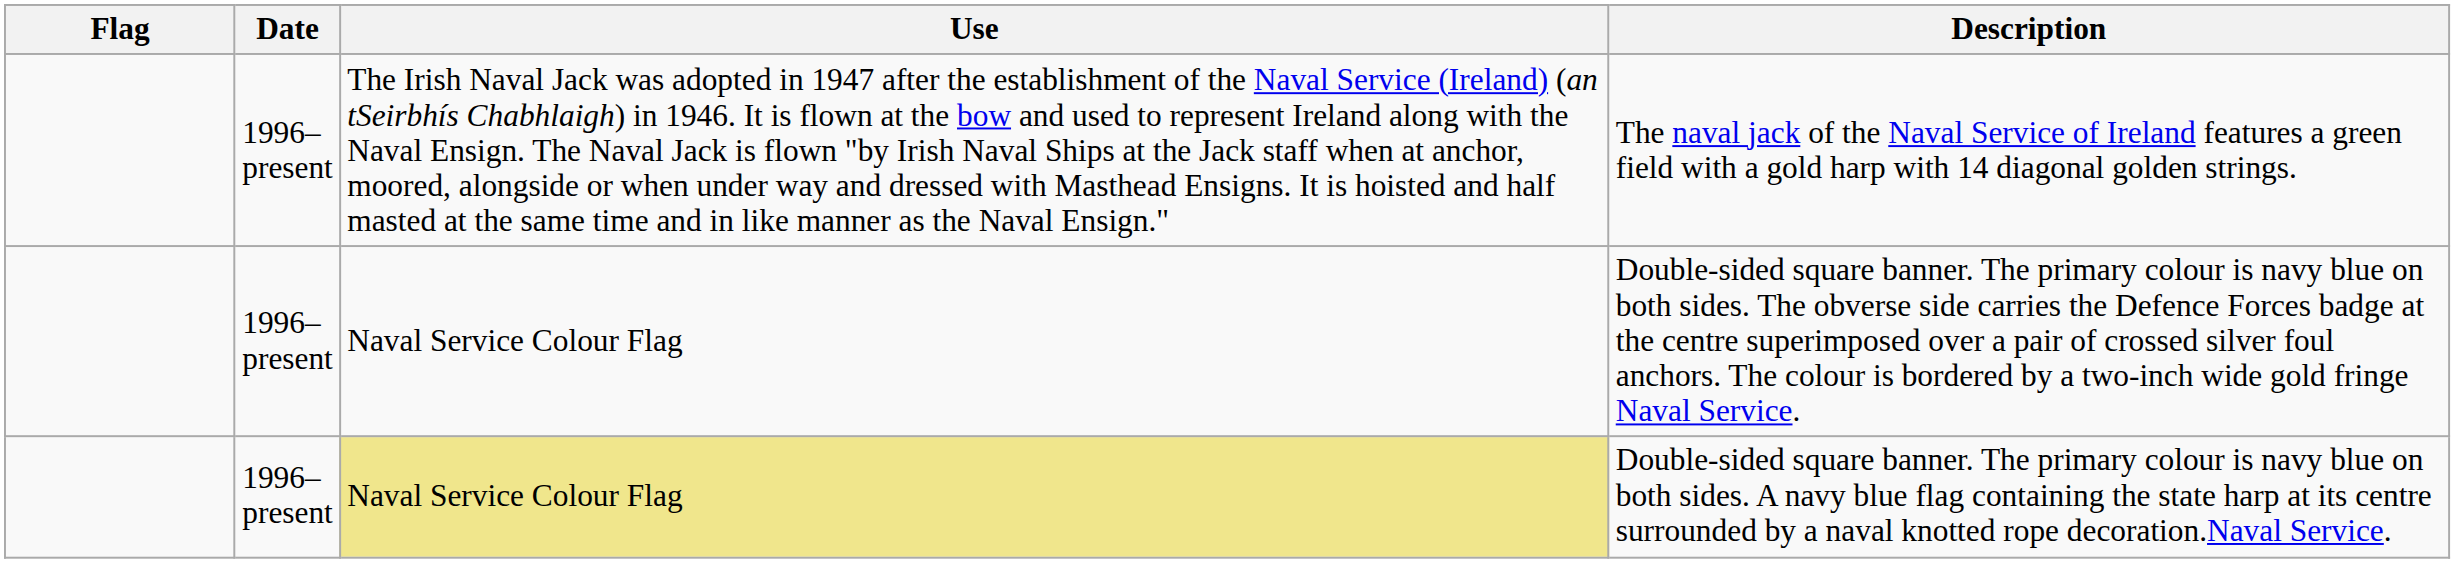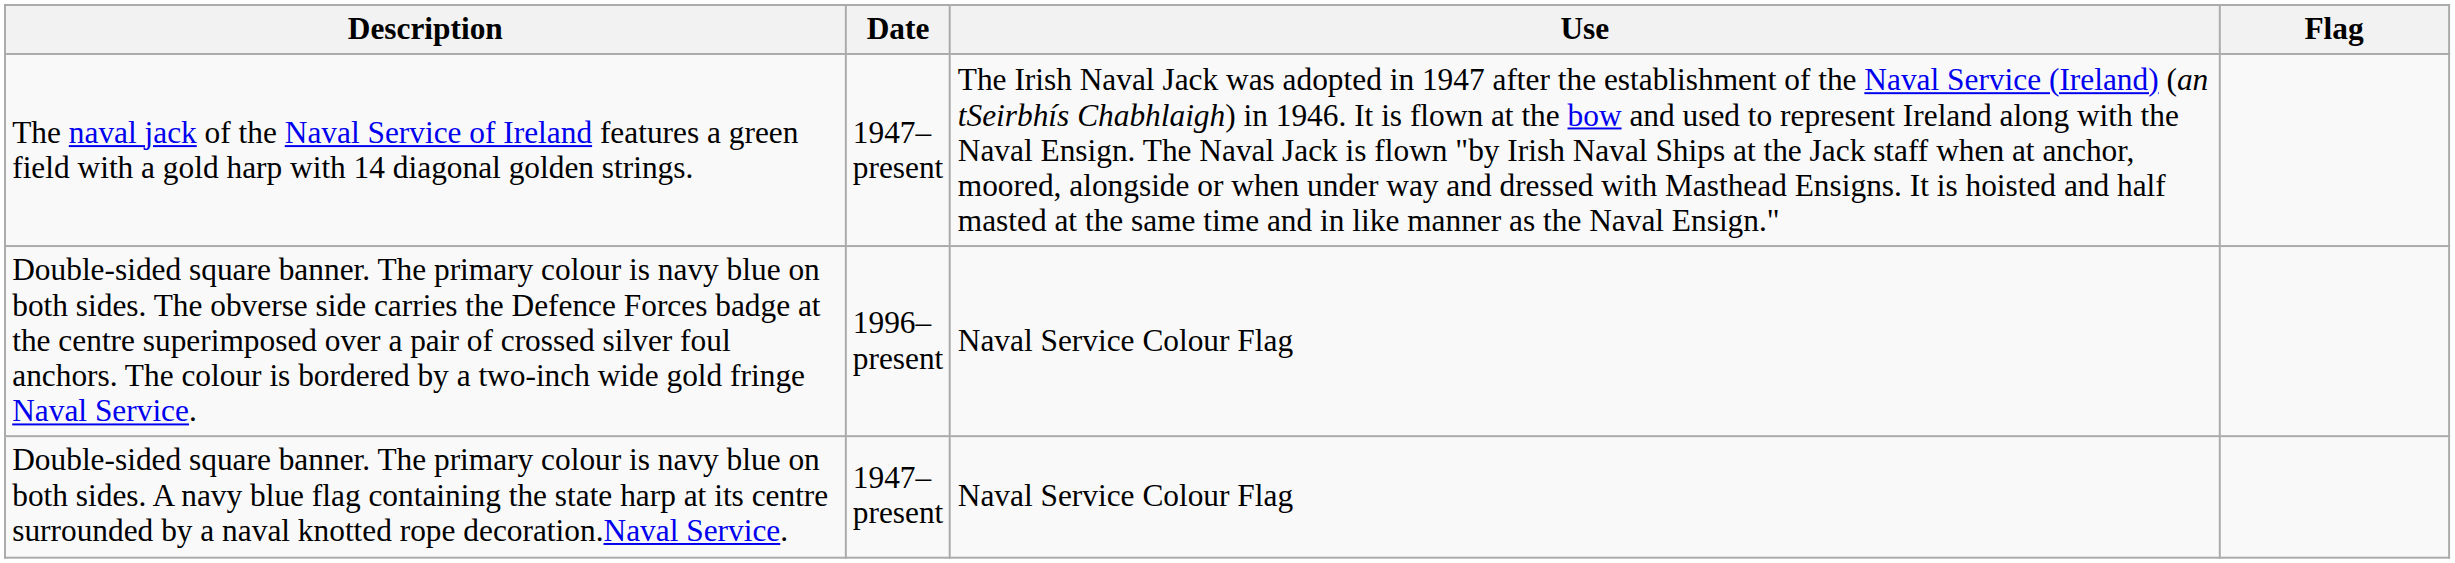 <table class="wikitable">
 <tr>
-<th width=110>Flag</th>
+<th>Description</th>
 <th width=30>Date</th>
 <th>Use</th>
-<th>Description</th>
+<th width=110>Flag</th>
 </tr>
 <tr>
+<td>The <a href='#'>naval jack</a> of the <a href='#'>Naval Service of Ireland</a> features a green field with a gold harp with 14 diagonal golden strings.</td>
+<td>1947–present</td>
+<td>The Irish Naval Jack was adopted in 1947 after the establishment of the <a href='#'>Naval Service (Ireland)</a> (<em>an tSeirbhís Chabhlaigh</em>) in 1946. It is flown at the <a href='#'>bow</a> and used to represent Ireland along with the Naval Ensign. The Naval Jack is flown "by Irish Naval Ships at the Jack staff when at anchor, moored, alongside or when under way and dressed with Masthead Ensigns. It is hoisted and half masted at the same time and in like manner as the Naval Ensign."</td>
 <td></td>
-<td>1996–present</td>
-<td>The Irish Naval Jack was adopted in 1947 after the establishment of the <a href='#'>Naval Service (Ireland)</a> (<em>an tSeirbhís Chabhlaigh</em>) in 1946. It is flown at the <a href='#'>bow</a> and used to represent Ireland along with the Naval Ensign. The Naval Jack is flown "by Irish Naval Ships at the Jack staff when at anchor, moored, alongside or when under way and dressed with Masthead Ensigns. It is hoisted and half masted at the same time and in like manner as the Naval Ensign."</td>
-<td>The <a href='#'>naval jack</a> of the <a href='#'>Naval Service of Ireland</a> features a green field with a gold harp with 14 diagonal golden strings.</td>
 </tr>
 <tr>
-<td></td>
+<td>Double-sided square banner. The primary colour is navy blue on both sides. The obverse side carries the Defence Forces badge at the centre superimposed over a pair of crossed silver foul anchors. The colour is bordered by a two-inch wide gold fringe <a href='#'>Naval Service</a>.</td>
 <td>1996–present</td>
 <td>Naval Service Colour Flag</td>
-<td>Double-sided square banner. The primary colour is navy blue on both sides. The obverse side carries the Defence Forces badge at the centre superimposed over a pair of crossed silver foul anchors. The colour is bordered by a two-inch wide gold fringe <a href='#'>Naval Service</a>.</td>
+<td></td>
 </tr>
 <tr>
+<td>Double-sided square banner. The primary colour is navy blue on both sides. A navy blue flag containing the state harp at its centre surrounded by a naval knotted rope decoration.<a href='#'>Naval Service</a>.</td>
+<td>1947–present</td>
+<td>Naval Service Colour Flag</td>
 <td></td>
-<td>1996–present</td>
-<td style="background: khaki;">Naval Service Colour Flag</td>
-<td>Double-sided square banner. The primary colour is navy blue on both sides. A navy blue flag containing the state harp at its centre surrounded by a naval knotted rope decoration.<a href='#'>Naval Service</a>.</td>
 </tr>
 </table>
